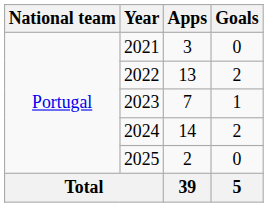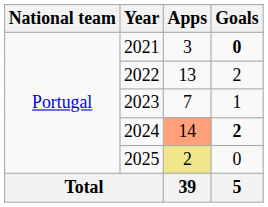 <table class="wikitable" style="text-align:center">
 <tr>
 <th>National team</th>
 <th>Year</th>
 <th>Apps</th>
 <th>Goals</th>
 </tr>
 <tr>
 <td rowspan="5"><a href='#'>Portugal</a></td>
 <td>2021</td>
 <td>3</td>
-<td>0</td>
+<td><strong>0</strong></td>
 </tr>
 <tr>
 <td>2022</td>
 <td>13</td>
 <td>2</td>
 </tr>
 <tr>
 <td>2023</td>
 <td>7</td>
 <td>1</td>
 </tr>
 <tr>
 <td>2024</td>
-<td>14</td>
-<td>2</td>
+<td style="background: lightsalmon;">14</td>
+<td><strong>2</strong></td>
 </tr>
 <tr>
 <td>2025</td>
-<td>2</td>
+<td style="background: khaki;">2</td>
 <td>0</td>
 </tr>
 <tr>
 <th colspan="2">Total</th>
 <th>39</th>
 <th>5</th>
 </tr>
 </table>
